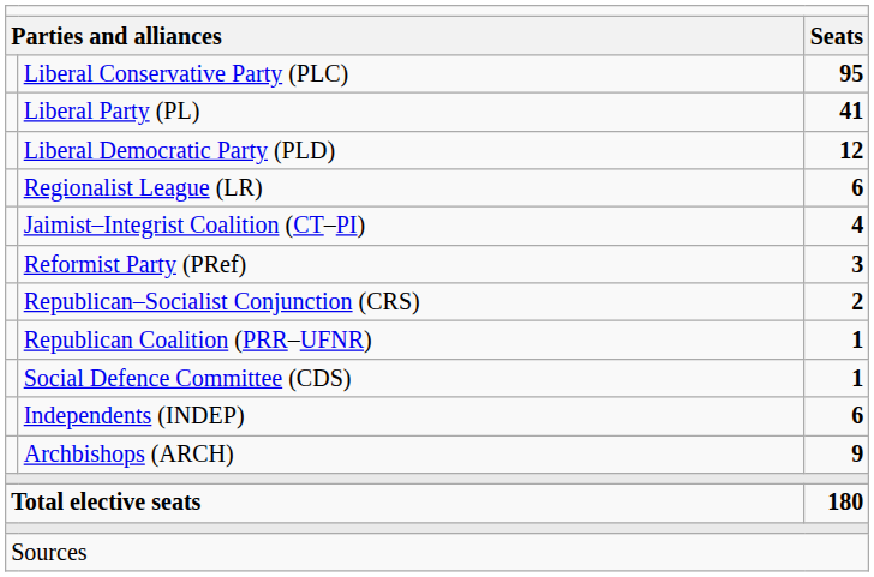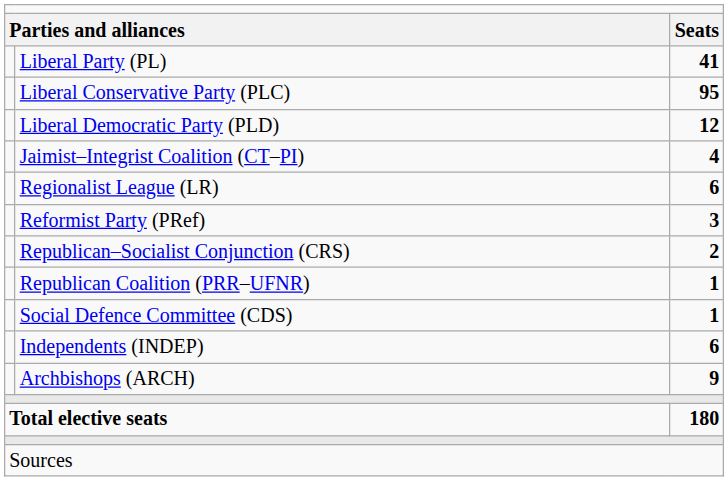 <table class="wikitable" style="text-align:right;">
 <tr>
 <td colspan="3"></td>
 </tr>
 <tr>
 <th style="text-align:left;" colspan="2" width="525">Parties and alliances</th>
 <th width="35">Seats</th>
 </tr>
 <tr>
+<td style="color:inherit;background:"></td>
+<td align="left"><a href='#'>Liberal Party</a> (PL)</td>
+<td><strong>41</strong></td>
+</tr>
+<tr>
 <td width="1" style="color:inherit;background:"></td>
 <td align="left"><a href='#'>Liberal Conservative Party</a> (PLC)</td>
 <td><strong>95</strong></td>
-</tr>
-<tr>
-<td style="color:inherit;background:"></td>
-<td align="left"><a href='#'>Liberal Party</a> (PL)</td>
-<td><strong>41</strong></td>
 </tr>
 <tr>
 <td style="color:inherit;background:"></td>
 <td align="left"><a href='#'>Liberal Democratic Party</a> (PLD)</td>
 <td><strong>12</strong></td>
 </tr>
 <tr>
 <td style="color:inherit;background:"></td>
-<td align="left"><a href='#'>Regionalist League</a> (LR)</td>
-<td><strong>6</strong></td>
+<td align="left"><a href='#'>Jaimist–Integrist Coalition</a> (<a href='#'>CT</a>–<a href='#'>PI</a>)</td>
+<td><strong>4</strong></td>
 </tr>
 <tr>
 <td style="color:inherit;background:"></td>
-<td align="left"><a href='#'>Jaimist–Integrist Coalition</a> (<a href='#'>CT</a>–<a href='#'>PI</a>)</td>
-<td><strong>4</strong></td>
+<td align="left"><a href='#'>Regionalist League</a> (LR)</td>
+<td><strong>6</strong></td>
 </tr>
 <tr>
 <td style="color:inherit;background:"></td>
 <td align="left"><a href='#'>Reformist Party</a> (PRef)</td>
 <td><strong>3</strong></td>
 </tr>
 <tr>
 <td style="color:inherit;background:"></td>
 <td align="left"><a href='#'>Republican–Socialist Conjunction</a> (CRS)</td>
 <td><strong>2</strong></td>
 </tr>
 <tr>
 <td style="color:inherit;background:"></td>
 <td align="left"><a href='#'>Republican Coalition</a> (<a href='#'>PRR</a>–<a href='#'>UFNR</a>)</td>
 <td><strong>1</strong></td>
 </tr>
 <tr>
 <td style="color:inherit;background:"></td>
 <td align="left"><a href='#'>Social Defence Committee</a> (CDS)</td>
 <td><strong>1</strong></td>
 </tr>
 <tr>
 <td style="color:inherit;background:"></td>
 <td align="left"><a href='#'>Independents</a> (INDEP)</td>
 <td><strong>6</strong></td>
 </tr>
 <tr>
 <td style="color:inherit;background:"></td>
 <td align="left"><a href='#'>Archbishops</a> (ARCH)</td>
 <td><strong>9</strong></td>
 </tr>
 <tr>
 <td colspan="3" bgcolor="#E9E9E9"></td>
 </tr>
 <tr style="font-weight:bold;">
 <td align="left" colspan="2">Total elective seats</td>
 <td>180</td>
 </tr>
 <tr>
 <td colspan="3" bgcolor="#E9E9E9"></td>
 </tr>
 <tr>
 <td align="left" colspan="3">Sources</td>
 </tr>
 </table>
